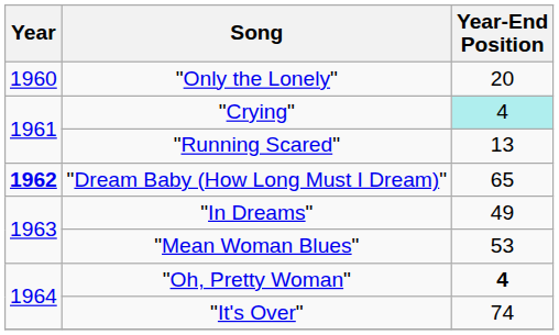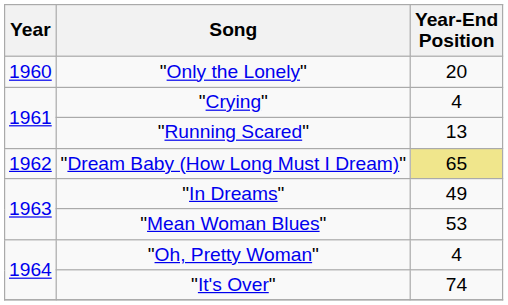 <table class="wikitable plainrowheaders" style="text-align:center;" border="1">
 <tr>
 <th>Year</th>
 <th>Song</th>
 <th>Year-End<br>Position</th>
 </tr>
 <tr>
 <td scope="row"><a href='#'>1960</a></td>
 <td>"<a href='#'>Only the Lonely</a>"</td>
 <td>20</td>
 </tr>
 <tr>
 <td scope="row" rowspan="2"><a href='#'>1961</a></td>
 <td>"<a href='#'>Crying</a>"</td>
-<td style="background: paleturquoise;">4</td>
+<td>4</td>
 </tr>
 <tr>
 <td>"<a href='#'>Running Scared</a>"</td>
 <td>13</td>
 </tr>
 <tr>
-<td scope="row"><strong><a href='#'>1962</a></strong></td>
+<td scope="row"><a href='#'>1962</a></td>
 <td>"<a href='#'>Dream Baby (How Long Must I Dream)</a>"</td>
-<td>65</td>
+<td style="background: khaki;">65</td>
 </tr>
 <tr>
 <td scope="row" rowspan="2"><a href='#'>1963</a></td>
 <td>"<a href='#'>In Dreams</a>"</td>
 <td>49</td>
 </tr>
 <tr>
 <td>"<a href='#'>Mean Woman Blues</a>"</td>
 <td>53</td>
 </tr>
 <tr>
 <td scope="row" rowspan="2"><a href='#'>1964</a></td>
 <td>"<a href='#'>Oh, Pretty Woman</a>"</td>
-<td><strong>4</strong></td>
+<td>4</td>
 </tr>
 <tr>
 <td>"<a href='#'>It's Over</a>"</td>
 <td>74</td>
 </tr>
 <tr>
 </tr>
 </table>
